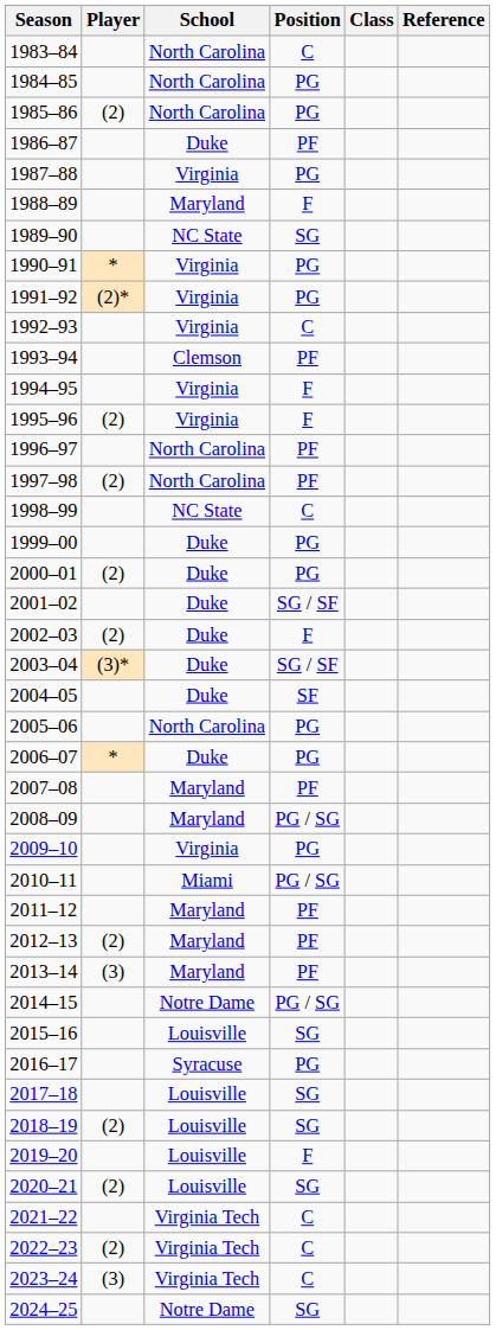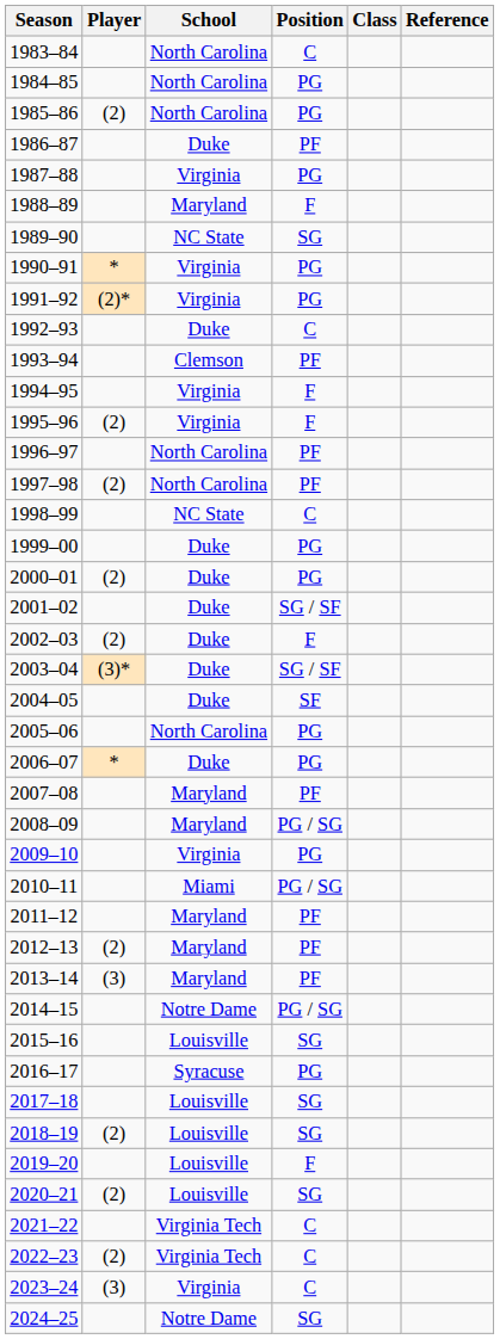 <table class="wikitable sortable" style="text-align: center;">
 <tr>
 <th>Season</th>
 <th>Player</th>
 <th>School</th>
 <th>Position</th>
 <th>Class</th>
 <th class="unsortable">Reference</th>
 </tr>
 <tr>
 <td>1983–84</td>
 <td></td>
 <td><a href='#'>North Carolina</a></td>
 <td><a href='#'>C</a></td>
 <td></td>
 <td></td>
 </tr>
 <tr>
 <td>1984–85</td>
 <td></td>
 <td><a href='#'>North Carolina</a></td>
 <td><a href='#'>PG</a></td>
 <td></td>
 <td></td>
 </tr>
 <tr>
 <td>1985–86</td>
 <td> (2)</td>
 <td><a href='#'>North Carolina</a></td>
 <td><a href='#'>PG</a></td>
 <td></td>
 <td></td>
 </tr>
 <tr>
 <td>1986–87</td>
 <td></td>
 <td><a href='#'>Duke</a></td>
 <td><a href='#'>PF</a></td>
 <td></td>
 <td></td>
 </tr>
 <tr>
 <td>1987–88</td>
 <td></td>
 <td><a href='#'>Virginia</a></td>
 <td><a href='#'>PG</a></td>
 <td></td>
 <td></td>
 </tr>
 <tr>
 <td>1988–89</td>
 <td></td>
 <td><a href='#'>Maryland</a></td>
 <td><a href='#'>F</a></td>
 <td></td>
 <td></td>
 </tr>
 <tr>
 <td>1989–90</td>
 <td></td>
 <td><a href='#'>NC State</a></td>
 <td><a href='#'>SG</a></td>
 <td></td>
 <td></td>
 </tr>
 <tr>
 <td>1990–91</td>
 <td style="background-color:#FFE6BD">*</td>
 <td><a href='#'>Virginia</a></td>
 <td><a href='#'>PG</a></td>
 <td></td>
 <td></td>
 </tr>
 <tr>
 <td>1991–92</td>
 <td style="background-color:#FFE6BD"> (2)*</td>
 <td><a href='#'>Virginia</a></td>
 <td><a href='#'>PG</a></td>
 <td></td>
 <td></td>
 </tr>
 <tr>
 <td>1992–93</td>
 <td></td>
-<td><a href='#'>Virginia</a></td>
+<td><a href='#'>Duke</a></td>
 <td><a href='#'>C</a></td>
 <td></td>
 <td></td>
 </tr>
 <tr>
 <td>1993–94</td>
 <td></td>
 <td><a href='#'>Clemson</a></td>
 <td><a href='#'>PF</a></td>
 <td></td>
 <td></td>
 </tr>
 <tr>
 <td>1994–95</td>
 <td></td>
 <td><a href='#'>Virginia</a></td>
 <td><a href='#'>F</a></td>
 <td></td>
 <td></td>
 </tr>
 <tr>
 <td>1995–96</td>
 <td> (2)</td>
 <td><a href='#'>Virginia</a></td>
 <td><a href='#'>F</a></td>
 <td></td>
 <td></td>
 </tr>
 <tr>
 <td>1996–97</td>
 <td></td>
 <td><a href='#'>North Carolina</a></td>
 <td><a href='#'>PF</a></td>
 <td></td>
 <td></td>
 </tr>
 <tr>
 <td>1997–98</td>
 <td> (2)</td>
 <td><a href='#'>North Carolina</a></td>
 <td><a href='#'>PF</a></td>
 <td></td>
 <td></td>
 </tr>
 <tr>
 <td>1998–99</td>
 <td></td>
 <td><a href='#'>NC State</a></td>
 <td><a href='#'>C</a></td>
 <td></td>
 <td></td>
 </tr>
 <tr>
 <td>1999–00</td>
 <td></td>
 <td><a href='#'>Duke</a></td>
 <td><a href='#'>PG</a></td>
 <td></td>
 <td></td>
 </tr>
 <tr>
 <td>2000–01</td>
 <td> (2)</td>
 <td><a href='#'>Duke</a></td>
 <td><a href='#'>PG</a></td>
 <td></td>
 <td></td>
 </tr>
 <tr>
 <td>2001–02</td>
 <td></td>
 <td><a href='#'>Duke</a></td>
 <td><a href='#'>SG</a> / <a href='#'>SF</a></td>
 <td></td>
 <td></td>
 </tr>
 <tr>
 <td>2002–03</td>
 <td> (2)</td>
 <td><a href='#'>Duke</a></td>
 <td><a href='#'>F</a></td>
 <td></td>
 <td></td>
 </tr>
 <tr>
 <td>2003–04</td>
 <td style="background-color:#FFE6BD"> (3)*</td>
 <td><a href='#'>Duke</a></td>
 <td><a href='#'>SG</a> / <a href='#'>SF</a></td>
 <td></td>
 <td></td>
 </tr>
 <tr>
 <td>2004–05</td>
 <td></td>
 <td><a href='#'>Duke</a></td>
 <td><a href='#'>SF</a></td>
 <td></td>
 <td></td>
 </tr>
 <tr>
 <td>2005–06</td>
 <td></td>
 <td><a href='#'>North Carolina</a></td>
 <td><a href='#'>PG</a></td>
 <td></td>
 <td></td>
 </tr>
 <tr>
 <td>2006–07</td>
 <td style="background-color:#FFE6BD">*</td>
 <td><a href='#'>Duke</a></td>
 <td><a href='#'>PG</a></td>
 <td></td>
 <td></td>
 </tr>
 <tr>
 <td>2007–08</td>
 <td></td>
 <td><a href='#'>Maryland</a></td>
 <td><a href='#'>PF</a></td>
 <td></td>
 <td></td>
 </tr>
 <tr>
 <td>2008–09</td>
 <td></td>
 <td><a href='#'>Maryland</a></td>
 <td><a href='#'>PG</a> / <a href='#'>SG</a></td>
 <td></td>
 <td></td>
 </tr>
 <tr>
 <td><a href='#'>2009–10</a></td>
 <td></td>
 <td><a href='#'>Virginia</a></td>
 <td><a href='#'>PG</a></td>
 <td></td>
 <td></td>
 </tr>
 <tr>
 <td>2010–11</td>
 <td></td>
 <td><a href='#'>Miami</a></td>
 <td><a href='#'>PG</a> / <a href='#'>SG</a></td>
 <td></td>
 <td></td>
 </tr>
 <tr>
 <td>2011–12</td>
 <td></td>
 <td><a href='#'>Maryland</a></td>
 <td><a href='#'>PF</a></td>
 <td></td>
 <td></td>
 </tr>
 <tr>
 <td>2012–13</td>
 <td> (2)</td>
 <td><a href='#'>Maryland</a></td>
 <td><a href='#'>PF</a></td>
 <td></td>
 <td></td>
 </tr>
 <tr>
 <td>2013–14</td>
 <td> (3)</td>
 <td><a href='#'>Maryland</a></td>
 <td><a href='#'>PF</a></td>
 <td></td>
 <td></td>
 </tr>
 <tr>
 <td>2014–15</td>
 <td></td>
 <td><a href='#'>Notre Dame</a></td>
 <td><a href='#'>PG</a> / <a href='#'>SG</a></td>
 <td></td>
 <td></td>
 </tr>
 <tr>
 <td>2015–16</td>
 <td></td>
 <td><a href='#'>Louisville</a></td>
 <td><a href='#'>SG</a></td>
 <td></td>
 <td></td>
 </tr>
 <tr>
 <td>2016–17</td>
 <td></td>
 <td><a href='#'>Syracuse</a></td>
 <td><a href='#'>PG</a></td>
 <td></td>
 <td></td>
 </tr>
 <tr>
 <td><a href='#'>2017–18</a></td>
 <td></td>
 <td><a href='#'>Louisville</a></td>
 <td><a href='#'>SG</a></td>
 <td></td>
 <td></td>
 </tr>
 <tr>
 <td><a href='#'>2018–19</a></td>
 <td> (2)</td>
 <td><a href='#'>Louisville</a></td>
 <td><a href='#'>SG</a></td>
 <td></td>
 <td></td>
 </tr>
 <tr>
 <td><a href='#'>2019–20</a></td>
 <td></td>
 <td><a href='#'>Louisville</a></td>
 <td><a href='#'>F</a></td>
 <td></td>
 <td></td>
 </tr>
 <tr>
 <td><a href='#'>2020–21</a></td>
 <td> (2)</td>
 <td><a href='#'>Louisville</a></td>
 <td><a href='#'>SG</a></td>
 <td></td>
 <td></td>
 </tr>
 <tr>
 <td><a href='#'>2021–22</a></td>
 <td></td>
 <td><a href='#'>Virginia Tech</a></td>
 <td><a href='#'>C</a></td>
 <td></td>
 <td></td>
 </tr>
 <tr>
 <td><a href='#'>2022–23</a></td>
 <td> (2)</td>
 <td><a href='#'>Virginia Tech</a></td>
 <td><a href='#'>C</a></td>
 <td></td>
 <td></td>
 </tr>
 <tr>
 <td><a href='#'>2023–24</a></td>
 <td> (3)</td>
-<td><a href='#'>Virginia Tech</a></td>
+<td><a href='#'>Virginia</a></td>
 <td><a href='#'>C</a></td>
 <td></td>
 <td></td>
 </tr>
 <tr>
 <td><a href='#'>2024–25</a></td>
 <td></td>
 <td><a href='#'>Notre Dame</a></td>
 <td><a href='#'>SG</a></td>
 <td></td>
 <td></td>
 </tr>
 </table>
